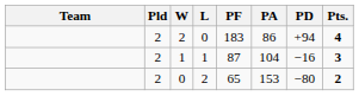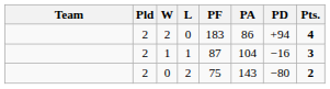 <table class=wikitable style="text-align:center">
 <tr>
 <th width=160>Team</th>
 <th width=20>Pld</th>
 <th width=20>W</th>
 <th width=20>L</th>
 <th width=35>PF</th>
 <th width=35>PA</th>
 <th width=35>PD</th>
 <th width=30>Pts.</th>
 </tr>
 <tr>
 <td align=left></td>
 <td>2</td>
 <td>2</td>
 <td>0</td>
 <td>183</td>
 <td>86</td>
 <td>+94</td>
 <td><strong>4</strong></td>
 </tr>
 <tr>
 <td align=left></td>
 <td>2</td>
 <td>1</td>
 <td>1</td>
 <td>87</td>
 <td>104</td>
 <td>−16</td>
 <td><strong>3</strong></td>
 </tr>
 <tr>
 <td align=left></td>
 <td>2</td>
 <td>0</td>
 <td>2</td>
-<td>65</td>
-<td>153</td>
+<td>75</td>
+<td>143</td>
 <td>−80</td>
 <td><strong>2</strong></td>
 </tr>
 </table>
